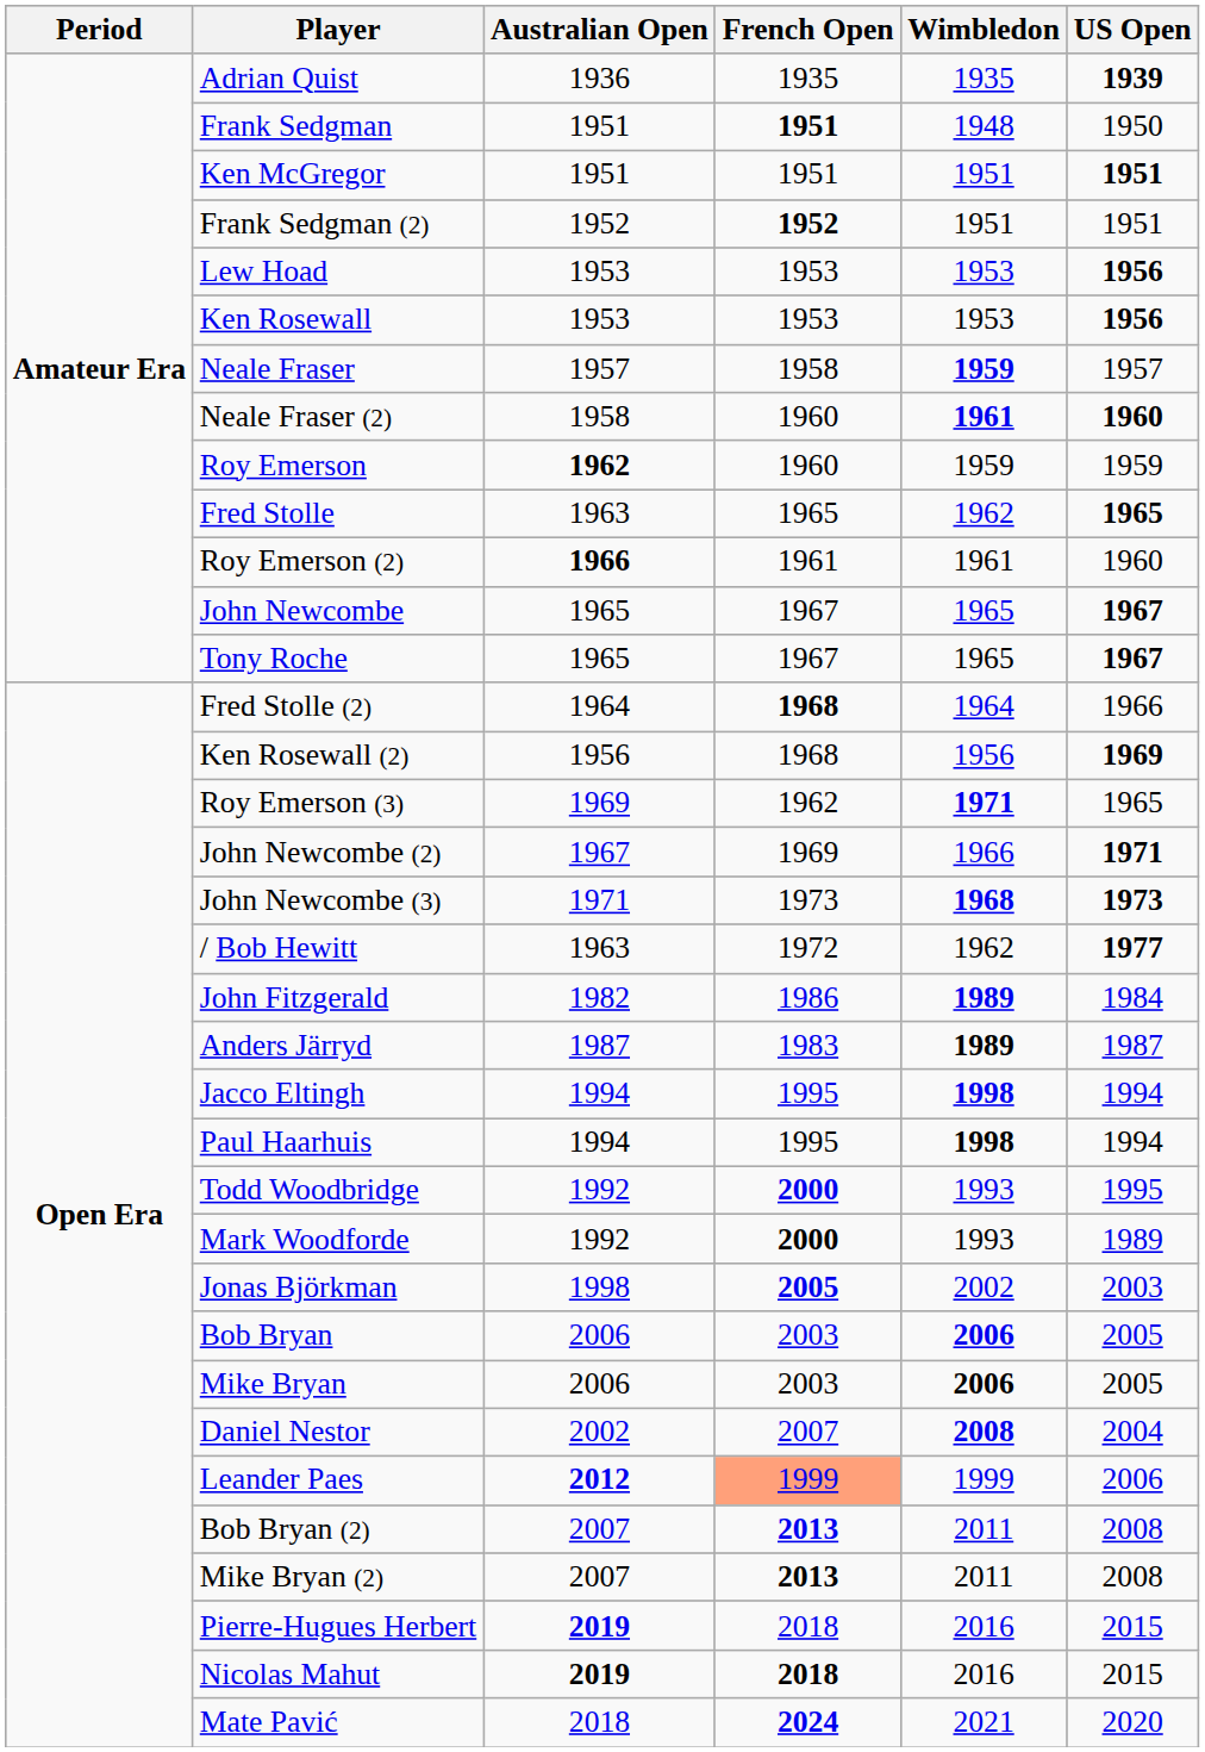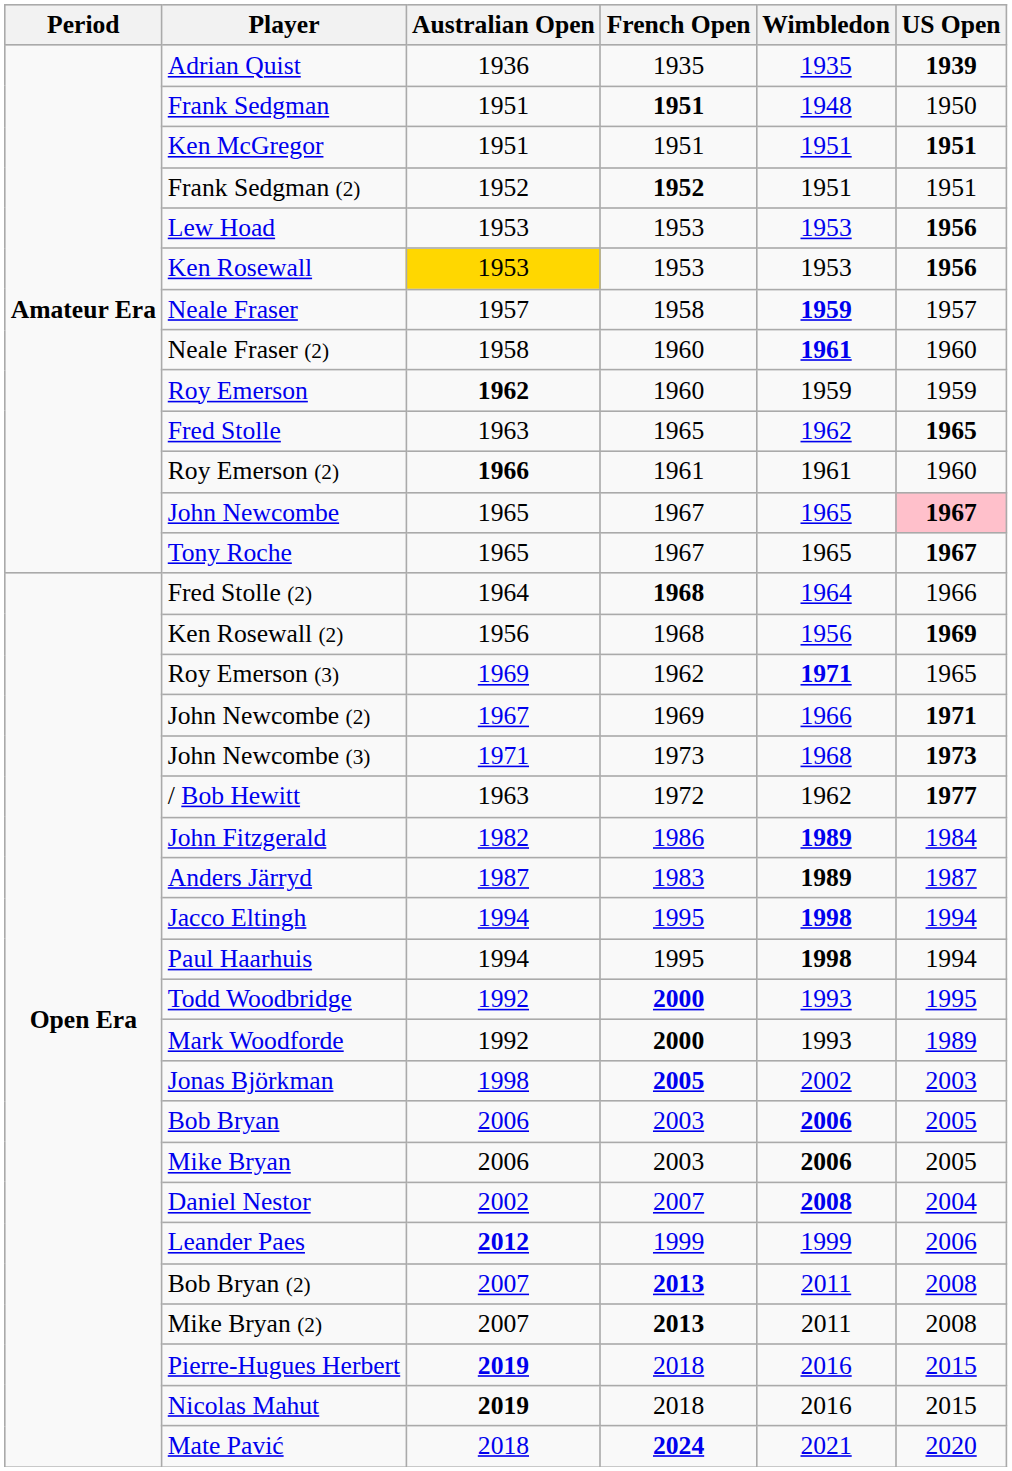 <table class="wikitable sortable mw-datatable" style="text-align:center;">
 <tr>
 <th>Period</th>
 <th>Player</th>
 <th>Australian Open</th>
 <th>French Open</th>
 <th>Wimbledon</th>
 <th>US Open</th>
 </tr>
 <tr>
 <td rowspan="13"><strong>Amateur Era</strong></td>
 <td style="text-align:left;"> <a href='#'>Adrian Quist</a></td>
 <td>1936</td>
 <td>1935</td>
 <td><a href='#'>1935</a></td>
 <td><strong>1939</strong></td>
 </tr>
 <tr>
 <td style="text-align:left;"> <a href='#'>Frank Sedgman</a></td>
 <td>1951</td>
 <td><strong>1951</strong></td>
 <td><a href='#'>1948</a></td>
 <td>1950</td>
 </tr>
 <tr>
 <td style="text-align:left;"> <a href='#'>Ken McGregor</a></td>
 <td>1951</td>
 <td>1951</td>
 <td><a href='#'>1951</a></td>
 <td><strong>1951</strong></td>
 </tr>
 <tr>
 <td style="text-align:left;"> Frank Sedgman <small>(2)</small></td>
 <td>1952</td>
 <td><strong>1952</strong></td>
 <td>1951</td>
 <td>1951</td>
 </tr>
 <tr>
 <td style="text-align:left;"> <a href='#'>Lew Hoad</a></td>
 <td>1953</td>
 <td>1953</td>
 <td><a href='#'>1953</a></td>
 <td><strong>1956</strong></td>
 </tr>
 <tr>
 <td style="text-align:left;"> <a href='#'>Ken Rosewall</a></td>
-<td>1953</td>
+<td style="background: gold;">1953</td>
 <td>1953</td>
 <td>1953</td>
 <td><strong>1956</strong></td>
 </tr>
 <tr>
 <td style="text-align:left;"> <a href='#'>Neale Fraser</a></td>
 <td>1957</td>
 <td>1958</td>
 <td><strong><a href='#'>1959</a></strong></td>
 <td>1957</td>
 </tr>
 <tr>
 <td style="text-align:left;"> Neale Fraser <small>(2)</small></td>
 <td>1958</td>
 <td>1960</td>
 <td><strong><a href='#'>1961</a></strong></td>
-<td><strong>1960</strong></td>
+<td>1960</td>
 </tr>
 <tr>
 <td style="text-align:left;"> <a href='#'>Roy Emerson</a></td>
 <td><strong>1962</strong></td>
 <td>1960</td>
 <td>1959</td>
 <td>1959</td>
 </tr>
 <tr>
 <td style="text-align:left;"> <a href='#'>Fred Stolle</a></td>
 <td>1963</td>
 <td>1965</td>
 <td><a href='#'>1962</a></td>
 <td><strong>1965</strong></td>
 </tr>
 <tr>
 <td style="text-align:left;"> Roy Emerson <small>(2)</small></td>
 <td><strong>1966</strong></td>
 <td>1961</td>
 <td>1961</td>
 <td>1960</td>
 </tr>
 <tr>
 <td style="text-align:left;"> <a href='#'>John Newcombe</a></td>
 <td>1965</td>
 <td>1967</td>
 <td><a href='#'>1965</a></td>
-<td><strong>1967</strong></td>
+<td style="background: pink;"><strong>1967</strong></td>
 </tr>
 <tr>
 <td style="text-align:left;"> <a href='#'>Tony Roche</a></td>
 <td>1965</td>
 <td>1967</td>
 <td>1965</td>
 <td><strong>1967</strong></td>
 </tr>
 <tr>
 <td rowspan="22"><strong>Open Era</strong></td>
 <td style="text-align:left;"> Fred Stolle <small>(2)</small></td>
 <td>1964</td>
 <td><strong>1968</strong></td>
 <td><a href='#'>1964</a></td>
 <td>1966</td>
 </tr>
 <tr>
 <td style="text-align:left;"> Ken Rosewall <small>(2)</small></td>
 <td>1956</td>
 <td>1968</td>
 <td><a href='#'>1956</a></td>
 <td><strong>1969</strong></td>
 </tr>
 <tr>
 <td style="text-align:left;"> Roy Emerson <small>(3)</small></td>
 <td><a href='#'>1969</a></td>
 <td>1962</td>
 <td><strong><a href='#'>1971</a></strong></td>
 <td>1965</td>
 </tr>
 <tr>
 <td style="text-align:left;"> John Newcombe <small>(2)</small></td>
 <td><a href='#'>1967</a></td>
 <td>1969</td>
 <td><a href='#'>1966</a></td>
 <td><strong>1971</strong></td>
 </tr>
 <tr>
 <td style="text-align:left;"> John Newcombe <small>(3)</small></td>
 <td><a href='#'>1971</a></td>
 <td>1973</td>
-<td><strong><a href='#'>1968</a></strong></td>
+<td><a href='#'>1968</a></td>
 <td><strong>1973</strong></td>
 </tr>
 <tr>
 <td style="text-align:left;">/ <a href='#'>Bob Hewitt</a></td>
 <td>1963</td>
 <td>1972</td>
 <td>1962</td>
 <td><strong>1977</strong></td>
 </tr>
 <tr>
 <td style="text-align:left;"> <a href='#'>John Fitzgerald</a></td>
 <td><a href='#'>1982</a></td>
 <td><a href='#'>1986</a></td>
 <td><strong><a href='#'>1989</a></strong></td>
 <td><a href='#'>1984</a></td>
 </tr>
 <tr>
 <td style="text-align:left;"> <a href='#'>Anders Järryd</a></td>
 <td><a href='#'>1987</a></td>
 <td><a href='#'>1983</a></td>
 <td><strong>1989</strong></td>
 <td><a href='#'>1987</a></td>
 </tr>
 <tr>
 <td style="text-align:left;"> <a href='#'>Jacco Eltingh</a></td>
 <td><a href='#'>1994</a></td>
 <td><a href='#'>1995</a></td>
 <td><strong><a href='#'>1998</a></strong></td>
 <td><a href='#'>1994</a></td>
 </tr>
 <tr>
 <td style="text-align:left;"> <a href='#'>Paul Haarhuis</a></td>
 <td>1994</td>
 <td>1995</td>
 <td><strong>1998</strong></td>
 <td>1994</td>
 </tr>
 <tr>
 <td style="text-align:left;"> <a href='#'>Todd Woodbridge</a></td>
 <td><a href='#'>1992</a></td>
 <td><strong><a href='#'>2000</a></strong></td>
 <td><a href='#'>1993</a></td>
 <td><a href='#'>1995</a></td>
 </tr>
 <tr>
 <td style="text-align:left;"> <a href='#'>Mark Woodforde</a></td>
 <td>1992</td>
 <td><strong>2000</strong></td>
 <td>1993</td>
 <td><a href='#'>1989</a></td>
 </tr>
 <tr>
 <td style="text-align:left;"> <a href='#'>Jonas Björkman</a></td>
 <td><a href='#'>1998</a></td>
 <td><strong><a href='#'>2005</a></strong></td>
 <td><a href='#'>2002</a></td>
 <td><a href='#'>2003</a></td>
 </tr>
 <tr>
 <td style="text-align:left;"> <a href='#'>Bob Bryan</a></td>
 <td><a href='#'>2006</a></td>
 <td><a href='#'>2003</a></td>
 <td><strong><a href='#'>2006</a></strong></td>
 <td><a href='#'>2005</a></td>
 </tr>
 <tr>
 <td style="text-align:left;"> <a href='#'>Mike Bryan</a></td>
 <td>2006</td>
 <td>2003</td>
 <td><strong>2006</strong></td>
 <td>2005</td>
 </tr>
 <tr>
 <td style="text-align:left;"> <a href='#'>Daniel Nestor</a></td>
 <td><a href='#'>2002</a></td>
 <td><a href='#'>2007</a></td>
 <td><strong><a href='#'>2008</a></strong></td>
 <td><a href='#'>2004</a></td>
 </tr>
 <tr>
 <td style="text-align:left;"> <a href='#'>Leander Paes</a></td>
 <td><strong><a href='#'>2012</a></strong></td>
-<td style="background: lightsalmon;"><a href='#'>1999</a></td>
+<td><a href='#'>1999</a></td>
 <td><a href='#'>1999</a></td>
 <td><a href='#'>2006</a></td>
 </tr>
 <tr>
 <td style="text-align:left;"> Bob Bryan <small>(2)</small></td>
 <td><a href='#'>2007</a></td>
 <td><strong><a href='#'>2013</a></strong></td>
 <td><a href='#'>2011</a></td>
 <td><a href='#'>2008</a></td>
 </tr>
 <tr>
 <td style="text-align:left;"> Mike Bryan <small>(2)</small></td>
 <td>2007</td>
 <td><strong>2013</strong></td>
 <td>2011</td>
 <td>2008</td>
 </tr>
 <tr>
 <td style="text-align:left;"> <a href='#'>Pierre-Hugues Herbert</a></td>
 <td><strong><a href='#'>2019</a></strong></td>
 <td><a href='#'>2018</a></td>
 <td><a href='#'>2016</a></td>
 <td><a href='#'>2015</a></td>
 </tr>
 <tr>
 <td style="text-align:left;"> <a href='#'>Nicolas Mahut</a></td>
 <td><strong>2019</strong></td>
-<td><strong>2018</strong></td>
+<td>2018</td>
 <td>2016</td>
 <td>2015</td>
 </tr>
 <tr>
 <td style="text-align:left;"> <a href='#'>Mate Pavić</a></td>
 <td><a href='#'>2018</a></td>
 <td><strong><a href='#'>2024</a></strong></td>
 <td><a href='#'>2021</a></td>
 <td><a href='#'>2020</a></td>
 </tr>
 </table>
